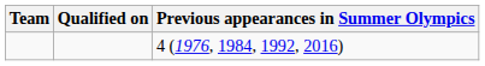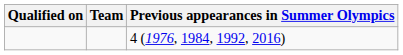 <table class="wikitable sortable">
 <tr>
+<th>Qualified on</th>
 <th>Team</th>
-<th>Qualified on</th>
 <th data-sort-type="number">Previous appearances in <a href='#'>Summer Olympics</a></th>
 </tr>
 <tr>
 <td></td>
 <td></td>
 <td>4 (<a href='#'><em>1976</em></a>, <a href='#'>1984</a>, <a href='#'>1992</a>, <a href='#'>2016</a>)</td>
 </tr>
 </table>
